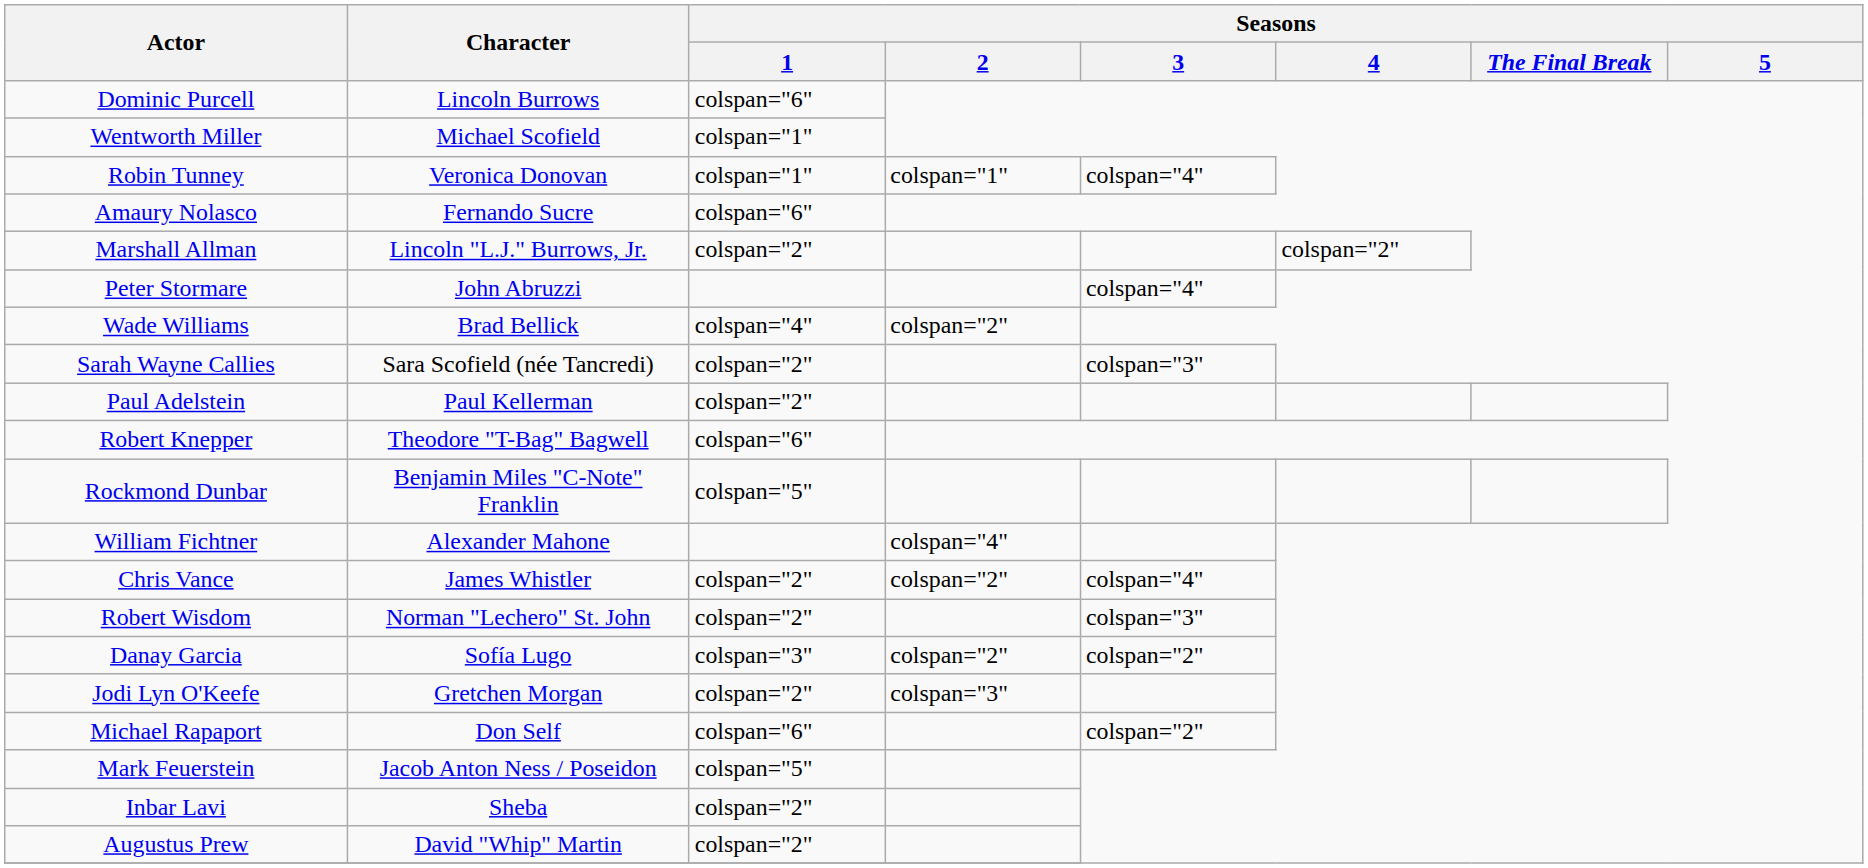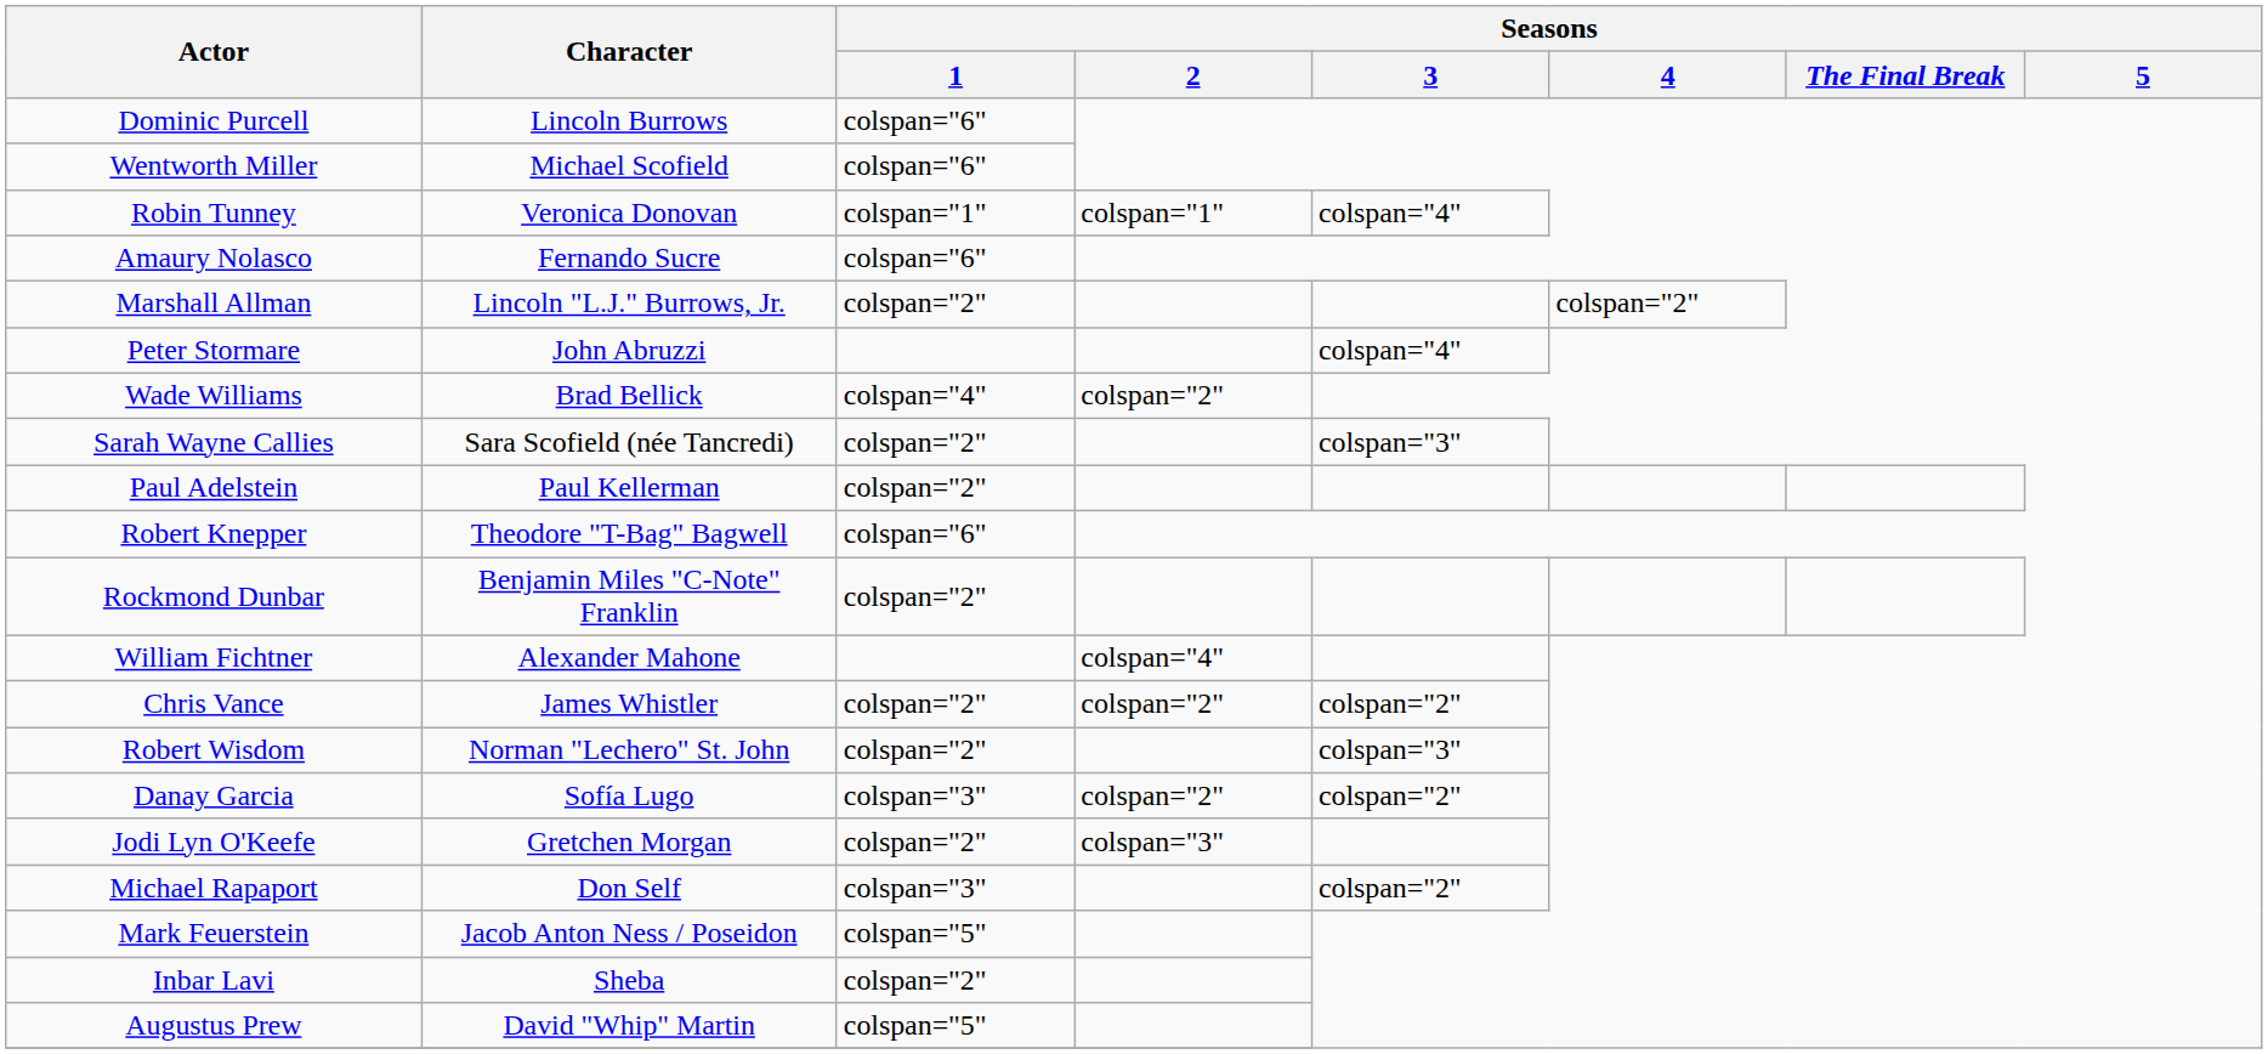 <table class="wikitable plainrowheaders">
 <tr>
 <th scope="col" rowspan="2" style="width:14%;">Actor</th>
 <th scope="col" rowspan="2" style="width:14%;">Character</th>
 <th scope="col" colspan="6">Seasons</th>
 </tr>
 <tr>
 <th scope="col" style="width:8%;"><a href='#'>1</a></th>
 <th scope="col" style="width:8%;"><a href='#'>2</a></th>
 <th scope="col" style="width:8%;"><a href='#'>3</a></th>
 <th scope="col" style="width:8%;"><a href='#'>4</a></th>
 <th scope="col" style="width:8%;"><a href='#'><em>The Final Break</em></a></th>
 <th scope="col" style="width:8%;"><a href='#'>5</a></th>
 </tr>
 <tr>
 <td style="text-align:center;"><a href='#'>Dominic Purcell</a></td>
 <td style="text-align:center;"><a href='#'>Lincoln Burrows</a></td>
 <td>colspan="6" </td>
 </tr>
 <tr>
 <td style="text-align:center;"><a href='#'>Wentworth Miller</a></td>
 <td style="text-align:center;"><a href='#'>Michael Scofield</a></td>
-<td>colspan="1" </td>
+<td>colspan="6" </td>
 </tr>
 <tr>
 <td style="text-align:center;"><a href='#'>Robin Tunney</a></td>
 <td style="text-align:center;"><a href='#'>Veronica Donovan</a></td>
 <td>colspan="1" </td>
 <td>colspan="1" </td>
 <td>colspan="4" </td>
 </tr>
 <tr>
 <td style="text-align:center;"><a href='#'>Amaury Nolasco</a></td>
 <td style="text-align:center;"><a href='#'>Fernando Sucre</a></td>
 <td>colspan="6" </td>
 </tr>
 <tr>
 <td style="text-align:center;"><a href='#'>Marshall Allman</a></td>
 <td style="text-align:center;"><a href='#'>Lincoln "L.J." Burrows, Jr.</a></td>
 <td>colspan="2" </td>
 <td></td>
 <td></td>
 <td>colspan="2" </td>
 </tr>
 <tr>
 <td style="text-align:center;"><a href='#'>Peter Stormare</a></td>
 <td style="text-align:center;"><a href='#'>John Abruzzi</a></td>
 <td></td>
 <td></td>
 <td>colspan="4" </td>
 </tr>
 <tr>
 <td style="text-align:center;"><a href='#'>Wade Williams</a></td>
 <td style="text-align:center;"><a href='#'>Brad Bellick</a></td>
 <td>colspan="4" </td>
 <td>colspan="2" </td>
 </tr>
 <tr>
 <td style="text-align:center;"><a href='#'>Sarah Wayne Callies</a></td>
 <td style="text-align:center;">Sara Scofield (née Tancredi)</td>
 <td>colspan="2" </td>
 <td></td>
 <td>colspan="3" </td>
 </tr>
 <tr>
 <td style="text-align:center;"><a href='#'>Paul Adelstein</a></td>
 <td style="text-align:center;"><a href='#'>Paul Kellerman</a></td>
 <td>colspan="2" </td>
 <td></td>
 <td></td>
 <td></td>
 <td></td>
 </tr>
 <tr>
 <td style="text-align:center;"><a href='#'>Robert Knepper</a></td>
 <td style="text-align:center;"><a href='#'>Theodore "T-Bag" Bagwell</a></td>
 <td>colspan="6" </td>
 </tr>
 <tr>
 <td style="text-align:center;"><a href='#'>Rockmond Dunbar</a></td>
 <td style="text-align:center;"><a href='#'>Benjamin Miles "C-Note" Franklin</a></td>
-<td>colspan="5" </td>
+<td>colspan="2" </td>
 <td></td>
 <td></td>
 <td></td>
 <td></td>
 </tr>
 <tr>
 <td style="text-align:center;"><a href='#'>William Fichtner</a></td>
 <td style="text-align:center;"><a href='#'>Alexander Mahone</a></td>
 <td></td>
 <td>colspan="4" </td>
 <td></td>
 </tr>
 <tr>
 <td style="text-align:center;"><a href='#'>Chris Vance</a></td>
 <td style="text-align:center;"><a href='#'>James Whistler</a></td>
 <td>colspan="2" </td>
 <td>colspan="2" </td>
-<td>colspan="4" </td>
+<td>colspan="2" </td>
 </tr>
 <tr>
 <td style="text-align:center;"><a href='#'>Robert Wisdom</a></td>
 <td style="text-align:center;"><a href='#'>Norman "Lechero" St. John</a></td>
 <td>colspan="2" </td>
 <td></td>
 <td>colspan="3" </td>
 </tr>
 <tr>
 <td style="text-align:center;"><a href='#'>Danay Garcia</a></td>
 <td style="text-align:center;"><a href='#'>Sofía Lugo</a></td>
 <td>colspan="3" </td>
 <td>colspan="2" </td>
 <td>colspan="2" </td>
 </tr>
 <tr>
 <td style="text-align:center;"><a href='#'>Jodi Lyn O'Keefe</a></td>
 <td style="text-align:center;"><a href='#'>Gretchen Morgan</a></td>
 <td>colspan="2" </td>
 <td>colspan="3" </td>
 <td></td>
 </tr>
 <tr>
 <td style="text-align:center;"><a href='#'>Michael Rapaport</a></td>
 <td style="text-align:center;"><a href='#'>Don Self</a></td>
-<td>colspan="6" </td>
+<td>colspan="3" </td>
 <td></td>
 <td>colspan="2" </td>
 </tr>
 <tr>
 <td style="text-align:center;"><a href='#'>Mark Feuerstein</a></td>
 <td style="text-align:center;"><a href='#'>Jacob Anton Ness / Poseidon</a></td>
 <td>colspan="5" </td>
 <td></td>
 </tr>
 <tr>
 <td style="text-align:center;"><a href='#'>Inbar Lavi</a></td>
 <td style="text-align:center;"><a href='#'>Sheba</a></td>
 <td>colspan="2" </td>
 <td></td>
 </tr>
 <tr>
 <td style="text-align:center;"><a href='#'>Augustus Prew</a></td>
 <td style="text-align:center;"><a href='#'>David "Whip" Martin</a></td>
-<td>colspan="2" </td>
+<td>colspan="5" </td>
 <td></td>
 </tr>
 <tr>
 </tr>
 </table>
